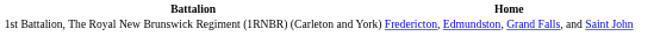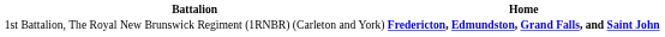 <table>
 <tr>
 <th>Battalion</th>
 <th>Home</th>
 </tr>
 <tr>
 <td>1st Battalion, The Royal New Brunswick Regiment (1RNBR) (Carleton and York)</td>
-<td><a href='#'>Fredericton</a>, <a href='#'>Edmundston</a>, <a href='#'>Grand Falls</a>, and <a href='#'>Saint John</a></td>
+<td><strong><a href='#'>Fredericton</a>, <a href='#'>Edmundston</a>, <a href='#'>Grand Falls</a>, and <a href='#'>Saint John</a></strong></td>
 </tr>
 </table>
